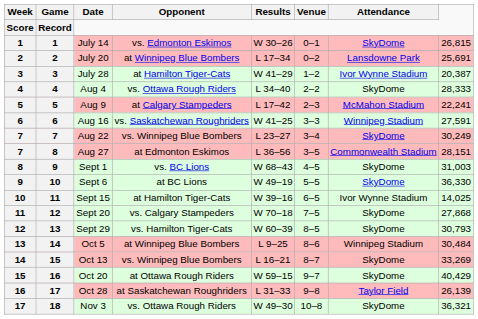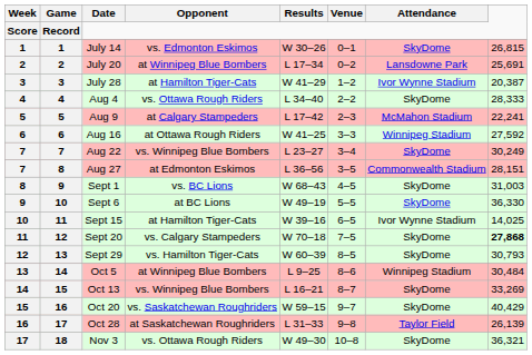 <table class="wikitable" style="text-align:center">
 <tr>
 <th>Week</th>
 <th>Game</th>
 <th>Date</th>
 <th>Opponent</th>
 <th>Results</th>
 <th>Venue</th>
 <th>Attendance</th>
 </tr>
 <tr>
 <th>Score</th>
 <th>Record</th>
 </tr>
 <tr style="background:#ffbbbb">
 <th>1</th>
 <th>1</th>
 <td>July 14</td>
 <td>vs. <a href='#'>Edmonton Eskimos</a></td>
 <td>W 30–26</td>
 <td>0–1</td>
 <td><a href='#'>SkyDome</a></td>
 <td>26,815</td>
 </tr>
 <tr style="background:#ffbbbb">
 <th>2</th>
 <th>2</th>
 <td>July 20</td>
 <td>at <a href='#'>Winnipeg Blue Bombers</a></td>
 <td>L 17–34</td>
 <td>0–2</td>
 <td><a href='#'>Lansdowne Park</a></td>
 <td>25,691</td>
 </tr>
 <tr style="background:#ddffdd">
 <th>3</th>
 <th>3</th>
 <td>July 28</td>
 <td>at <a href='#'>Hamilton Tiger-Cats</a></td>
 <td>W 41–29</td>
 <td>1–2</td>
 <td><a href='#'>Ivor Wynne Stadium</a></td>
 <td>20,387</td>
 </tr>
 <tr style="background:#ddffdd">
 <th>4</th>
 <th>4</th>
 <td>Aug 4</td>
 <td>vs. <a href='#'>Ottawa Rough Riders</a></td>
 <td>L 34–40</td>
 <td>2–2</td>
 <td>SkyDome</td>
 <td>28,333</td>
 </tr>
 <tr style="background:#ffbbbb">
 <th>5</th>
 <th>5</th>
 <td>Aug 9</td>
 <td>at <a href='#'>Calgary Stampeders</a></td>
 <td>L 17–42</td>
 <td>2–3</td>
 <td><a href='#'>McMahon Stadium</a></td>
 <td>22,241</td>
 </tr>
 <tr style="background:#ddffdd">
 <th>6</th>
 <th>6</th>
 <td>Aug 16</td>
-<td>vs. <a href='#'>Saskatchewan Roughriders</a></td>
+<td>at Ottawa Rough Riders</td>
 <td>W 41–25</td>
 <td>3–3</td>
 <td><a href='#'>Winnipeg Stadium</a></td>
-<td>27,591</td>
+<td>27,592</td>
 </tr>
 <tr style="background:#ffbbbb">
 <th>7</th>
 <th>7</th>
 <td>Aug 22</td>
 <td>vs. Winnipeg Blue Bombers</td>
 <td>L 23–27</td>
 <td>3–4</td>
 <td><a href='#'>SkyDome</a></td>
 <td>30,249</td>
 </tr>
 <tr style="background:#ffbbbb">
 <th>7</th>
 <th>8</th>
 <td>Aug 27</td>
 <td>at Edmonton Eskimos</td>
 <td>L 36–56</td>
 <td>3–5</td>
 <td><a href='#'>Commonwealth Stadium</a></td>
 <td>28,151</td>
 </tr>
 <tr style="background:#ddffdd">
 <th>8</th>
 <th>9</th>
 <td>Sept 1</td>
 <td>vs. <a href='#'>BC Lions</a></td>
 <td>W 68–43</td>
 <td>4–5</td>
 <td>SkyDome</td>
 <td>31,003</td>
 </tr>
 <tr style="background:#ddffdd">
 <th>9</th>
 <th>10</th>
 <td>Sept 6</td>
 <td>at BC Lions</td>
 <td>W 49–19</td>
 <td>5–5</td>
 <td><a href='#'>SkyDome</a></td>
 <td>36,330</td>
 </tr>
 <tr style="background:#ddffdd">
 <th>10</th>
 <th>11</th>
 <td>Sept 15</td>
 <td>at Hamilton Tiger-Cats</td>
 <td>W 39–16</td>
 <td>6–5</td>
 <td>Ivor Wynne Stadium</td>
 <td>14,025</td>
 </tr>
 <tr style="background:#ddffdd">
 <th>11</th>
 <th>12</th>
 <td>Sept 20</td>
 <td>vs. Calgary Stampeders</td>
 <td>W 70–18</td>
 <td>7–5</td>
 <td>SkyDome</td>
-<td>27,868</td>
+<td><strong>27,868</strong></td>
 </tr>
 <tr style="background:#ddffdd">
 <th>12</th>
 <th>13</th>
 <td>Sept 29</td>
 <td>vs. Hamilton Tiger-Cats</td>
 <td>W 60–39</td>
 <td>8–5</td>
 <td>SkyDome</td>
 <td>30,793</td>
 </tr>
 <tr style="background:#ffbbbb">
 <th>13</th>
 <th>14</th>
 <td>Oct 5</td>
 <td>at Winnipeg Blue Bombers</td>
 <td>L 9–25</td>
 <td>8–6</td>
 <td>Winnipeg Stadium</td>
 <td>30,484</td>
 </tr>
 <tr style="background:#ffbbbb">
 <th>14</th>
 <th>15</th>
 <td>Oct 13</td>
 <td>vs. Winnipeg Blue Bombers</td>
 <td>L 16–21</td>
 <td>8–7</td>
 <td>SkyDome</td>
 <td>33,269</td>
 </tr>
 <tr style="background:#ddffdd">
 <th>15</th>
 <th>16</th>
 <td>Oct 20</td>
-<td>at Ottawa Rough Riders</td>
+<td>vs. <a href='#'>Saskatchewan Roughriders</a></td>
 <td>W 59–15</td>
 <td>9–7</td>
 <td>SkyDome</td>
 <td>40,429</td>
 </tr>
 <tr style="background:#ffbbbb">
 <th>16</th>
 <th>17</th>
 <td>Oct 28</td>
 <td>at Saskatchewan Roughriders</td>
 <td>L 31–33</td>
 <td>9–8</td>
 <td><a href='#'>Taylor Field</a></td>
 <td>26,139</td>
 </tr>
 <tr style="background:#ddffdd">
 <th>17</th>
 <th>18</th>
 <td>Nov 3</td>
 <td>vs. Ottawa Rough Riders</td>
 <td>W 49–30</td>
 <td>10–8</td>
 <td>SkyDome</td>
 <td>36,321</td>
 </tr>
 </table>
